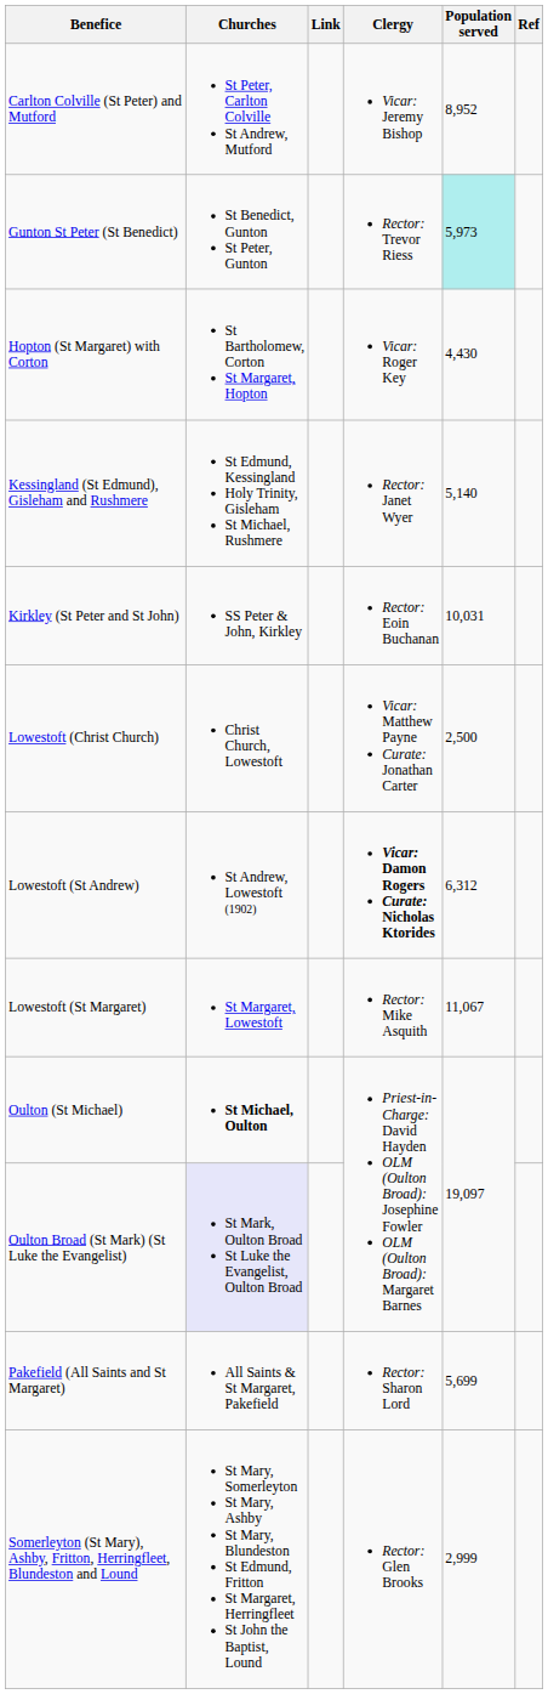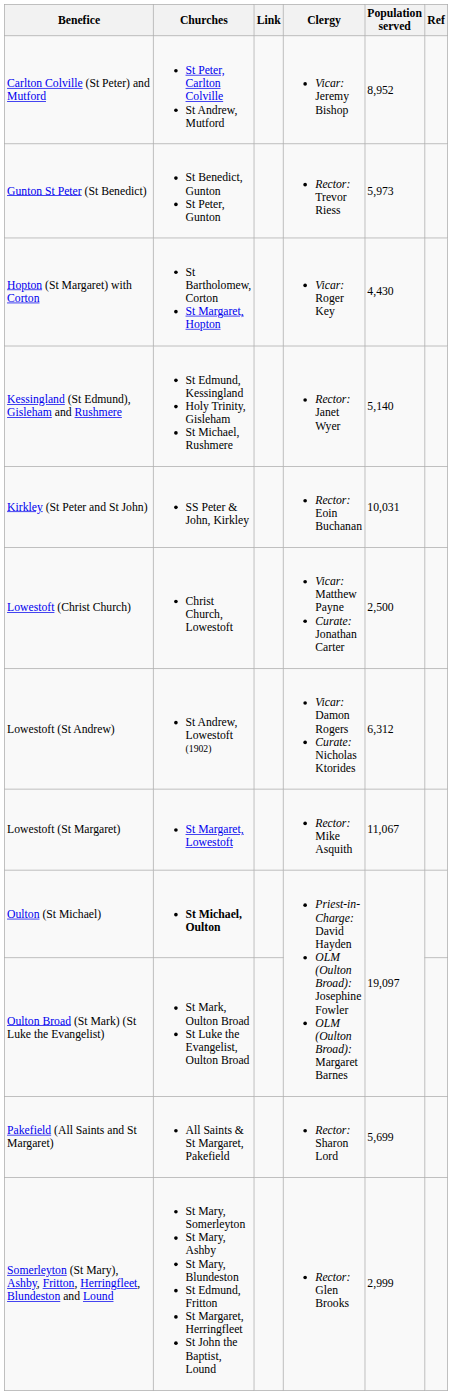 <table class="wikitable">
 <tr>
 <th width="425">Benefice</th>
 <th>Churches</th>
 <th>Link</th>
 <th>Clergy</th>
 <th>Population served</th>
 <th>Ref</th>
 </tr>
 <tr>
 <td><a href='#'>Carlton Colville</a> (St Peter) and <a href='#'>Mutford</a></td>
 <td><br><ul><li><a href='#'>St Peter, Carlton Colville</a></li><li>St Andrew, Mutford</li></ul></td>
 <td></td>
 <td><br><ul><li><em>Vicar:</em> Jeremy Bishop</li></ul></td>
 <td>8,952</td>
 <td></td>
 </tr>
 <tr>
 <td><a href='#'>Gunton St Peter</a> (St Benedict)</td>
 <td><br><ul><li>St Benedict, Gunton</li><li>St Peter, Gunton</li></ul></td>
 <td></td>
 <td><br><ul><li><em>Rector:</em> Trevor Riess</li></ul></td>
-<td style="background: paleturquoise;">5,973</td>
+<td>5,973</td>
 <td></td>
 </tr>
 <tr>
 <td><a href='#'>Hopton</a> (St Margaret) with <a href='#'>Corton</a></td>
 <td><br><ul><li>St Bartholomew, Corton</li><li><a href='#'>St Margaret, Hopton</a></li></ul></td>
 <td></td>
 <td><br><ul><li><em>Vicar:</em> Roger Key</li></ul></td>
 <td>4,430</td>
 <td></td>
 </tr>
 <tr>
 <td><a href='#'>Kessingland</a> (St Edmund), <a href='#'>Gisleham</a> and <a href='#'>Rushmere</a></td>
 <td><br><ul><li>St Edmund, Kessingland</li><li>Holy Trinity, Gisleham</li><li>St Michael, Rushmere</li></ul></td>
 <td></td>
 <td><br><ul><li><em>Rector:</em> Janet Wyer</li></ul></td>
 <td>5,140</td>
 <td></td>
 </tr>
 <tr>
 <td><a href='#'>Kirkley</a> (St Peter and St John)</td>
 <td><br><ul><li>SS Peter & John, Kirkley</li></ul></td>
 <td></td>
 <td><br><ul><li><em>Rector:</em> Eoin Buchanan</li></ul></td>
 <td>10,031</td>
 <td></td>
 </tr>
 <tr>
 <td><a href='#'>Lowestoft</a> (Christ Church)</td>
 <td><br><ul><li>Christ Church, Lowestoft</li></ul></td>
 <td></td>
 <td><br><ul><li><em>Vicar:</em> Matthew Payne</li><li><em>Curate:</em> Jonathan Carter</li></ul></td>
 <td>2,500</td>
 <td></td>
 </tr>
 <tr>
 <td>Lowestoft (St Andrew)</td>
 <td><br><ul><li>St Andrew, Lowestoft <small>(1902)</small></li></ul></td>
 <td></td>
-<td><strong><br><ul><li><em>Vicar:</em> Damon Rogers</li><li><em>Curate:</em> Nicholas Ktorides</li></ul></strong></td>
+<td><br><ul><li><em>Vicar:</em> Damon Rogers</li><li><em>Curate:</em> Nicholas Ktorides</li></ul></td>
 <td>6,312</td>
 <td></td>
 </tr>
 <tr>
 <td>Lowestoft (St Margaret)</td>
 <td><br><ul><li><a href='#'>St Margaret, Lowestoft</a></li></ul></td>
 <td></td>
 <td><br><ul><li><em>Rector:</em> Mike Asquith</li></ul></td>
 <td>11,067</td>
 <td></td>
 </tr>
 <tr>
 <td><a href='#'>Oulton</a> (St Michael)</td>
 <td><strong><br><ul><li>St Michael, Oulton</li></ul></strong></td>
 <td></td>
 <td rowspan="2"><br><ul><li><em>Priest-in-Charge:</em> David Hayden</li><li><em>OLM (Oulton Broad):</em> Josephine Fowler</li><li><em>OLM (Oulton Broad):</em> Margaret Barnes</li></ul></td>
 <td rowspan="2">19,097</td>
 <td></td>
 </tr>
 <tr>
 <td><a href='#'>Oulton Broad</a> (St Mark) (St Luke the Evangelist)</td>
-<td style="background: lavender;"><br><ul><li>St Mark, Oulton Broad</li><li>St Luke the Evangelist, Oulton Broad</li></ul></td>
+<td><br><ul><li>St Mark, Oulton Broad</li><li>St Luke the Evangelist, Oulton Broad</li></ul></td>
 <td></td>
 <td></td>
 </tr>
 <tr>
 <td><a href='#'>Pakefield</a> (All Saints and St Margaret)</td>
 <td><br><ul><li>All Saints & St Margaret, Pakefield</li></ul></td>
 <td></td>
 <td><br><ul><li><em>Rector:</em> Sharon Lord</li></ul></td>
 <td>5,699</td>
 <td></td>
 </tr>
 <tr>
 <td><a href='#'>Somerleyton</a> (St Mary), <a href='#'>Ashby</a>, <a href='#'>Fritton</a>, <a href='#'>Herringfleet</a>, <a href='#'>Blundeston</a> and <a href='#'>Lound</a></td>
 <td><br><ul><li>St Mary, Somerleyton</li><li>St Mary, Ashby</li><li>St Mary, Blundeston</li><li>St Edmund, Fritton</li><li>St Margaret, Herringfleet</li><li>St John the Baptist, Lound</li></ul></td>
 <td></td>
 <td><br><ul><li><em>Rector:</em> Glen Brooks</li></ul></td>
 <td>2,999</td>
 <td></td>
 </tr>
 </table>
